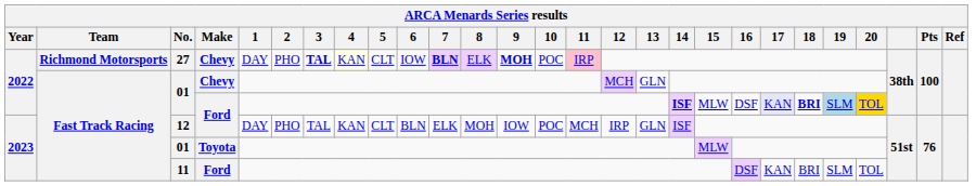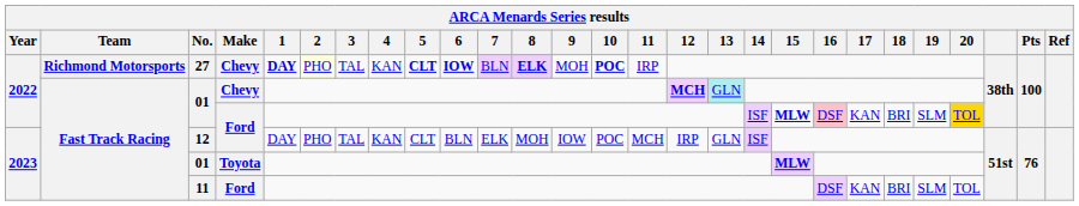 <table class="wikitable" style="text-align:center; font-size:75%">
 <tr>
 <th colspan="27"><a href='#'>ARCA Menards Series</a> results</th>
 </tr>
 <tr>
 <th>Year</th>
 <th>Team</th>
 <th>No.</th>
 <th>Make</th>
 <th>1</th>
 <th>2</th>
 <th>3</th>
 <th>4</th>
 <th>5</th>
 <th>6</th>
 <th>7</th>
 <th>8</th>
 <th>9</th>
 <th>10</th>
 <th>11</th>
 <th>12</th>
 <th>13</th>
 <th>14</th>
 <th>15</th>
 <th>16</th>
 <th>17</th>
 <th>18</th>
 <th>19</th>
 <th>20</th>
 <th></th>
 <th>Pts</th>
 <th>Ref</th>
 </tr>
 <tr>
 <th rowspan=3><a href='#'>2022</a></th>
 <th><a href='#'>Richmond Motorsports</a></th>
 <th>27</th>
 <th><a href='#'>Chevy</a></th>
-<td><a href='#'>DAY</a></td>
-<td><a href='#'>PHO</a></td>
-<td><strong><a href='#'>TAL</a></strong></td>
-<td style="background: lightyellow;"><a href='#'>KAN</a></td>
-<td><a href='#'>CLT</a></td>
-<td><a href='#'>IOW</a></td>
-<td style="background:#EFCFFF;"><strong><a href='#'>BLN</a><br></strong></td>
-<td style="background:#EFCFFF;"><a href='#'>ELK</a><br></td>
-<td><strong><a href='#'>MOH</a></strong></td>
-<td><a href='#'>POC</a></td>
-<td style="background: pink;"><a href='#'>IRP</a></td>
+<td><strong><a href='#'>DAY</a></strong></td>
+<td style="background: lightyellow;"><a href='#'>PHO</a></td>
+<td><a href='#'>TAL</a></td>
+<td><a href='#'>KAN</a></td>
+<td><strong><a href='#'>CLT</a></strong></td>
+<td><strong><a href='#'>IOW</a></strong></td>
+<td style="background:#EFCFFF;"><a href='#'>BLN</a><br></td>
+<td style="background:#EFCFFF;"><strong><a href='#'>ELK</a><br></strong></td>
+<td><a href='#'>MOH</a></td>
+<td><strong><a href='#'>POC</a></strong></td>
+<td><a href='#'>IRP</a></td>
 <td colspan=9></td>
 <th rowspan=3>38th</th>
 <th rowspan=3>100</th>
 <th rowspan=3></th>
 </tr>
 <tr>
 <th rowspan=5><a href='#'>Fast Track Racing</a></th>
 <th rowspan=2>01</th>
 <th><a href='#'>Chevy</a></th>
 <td colspan=11></td>
-<td style="background:#EFCFFF;"><a href='#'>MCH</a><br></td>
-<td><a href='#'>GLN</a></td>
+<td style="background:#EFCFFF;"><strong><a href='#'>MCH</a><br></strong></td>
+<td style="background: paleturquoise;"><a href='#'>GLN</a></td>
 <td colspan=7></td>
 </tr>
 <tr>
 <th rowspan=2><a href='#'>Ford</a></th>
 <td colspan=13></td>
-<td style="background:#EFCFFF;"><strong><a href='#'>ISF</a><br></strong></td>
-<td><a href='#'>MLW</a></td>
-<td><a href='#'>DSF</a></td>
-<td style="background: lavender;"><a href='#'>KAN</a></td>
-<td><strong><a href='#'>BRI</a></strong></td>
-<td style="background: lightblue;"><a href='#'>SLM</a></td>
+<td style="background:#EFCFFF;"><a href='#'>ISF</a><br></td>
+<td><strong><a href='#'>MLW</a></strong></td>
+<td style="background: pink;"><a href='#'>DSF</a></td>
+<td><a href='#'>KAN</a></td>
+<td><a href='#'>BRI</a></td>
+<td><a href='#'>SLM</a></td>
 <td style="background: gold;"><a href='#'>TOL</a></td>
 </tr>
 <tr>
 <th rowspan=3><a href='#'>2023</a></th>
 <th>12</th>
 <td><a href='#'>DAY</a></td>
 <td><a href='#'>PHO</a></td>
 <td><a href='#'>TAL</a></td>
 <td><a href='#'>KAN</a></td>
 <td><a href='#'>CLT</a></td>
 <td><a href='#'>BLN</a></td>
 <td><a href='#'>ELK</a></td>
 <td><a href='#'>MOH</a></td>
 <td><a href='#'>IOW</a></td>
 <td><a href='#'>POC</a></td>
 <td><a href='#'>MCH</a></td>
 <td><a href='#'>IRP</a></td>
 <td><a href='#'>GLN</a></td>
 <td style="background:#EFCFFF;"><a href='#'>ISF</a><br></td>
 <td colspan=6></td>
 <th rowspan=3>51st</th>
 <th rowspan=3>76</th>
 <th rowspan=3></th>
 </tr>
 <tr>
 <th>01</th>
 <th><a href='#'>Toyota</a></th>
 <td colspan=14></td>
-<td style="background:#EFCFFF;"><a href='#'>MLW</a><br></td>
+<td style="background:#EFCFFF;"><strong><a href='#'>MLW</a><br></strong></td>
 <td colspan=5></td>
 </tr>
 <tr>
 <th>11</th>
 <th><a href='#'>Ford</a></th>
 <td colspan=15></td>
 <td style="background:#EFCFFF;"><a href='#'>DSF</a><br></td>
 <td><a href='#'>KAN</a></td>
 <td><a href='#'>BRI</a></td>
 <td><a href='#'>SLM</a></td>
 <td><a href='#'>TOL</a></td>
 </tr>
 </table>
